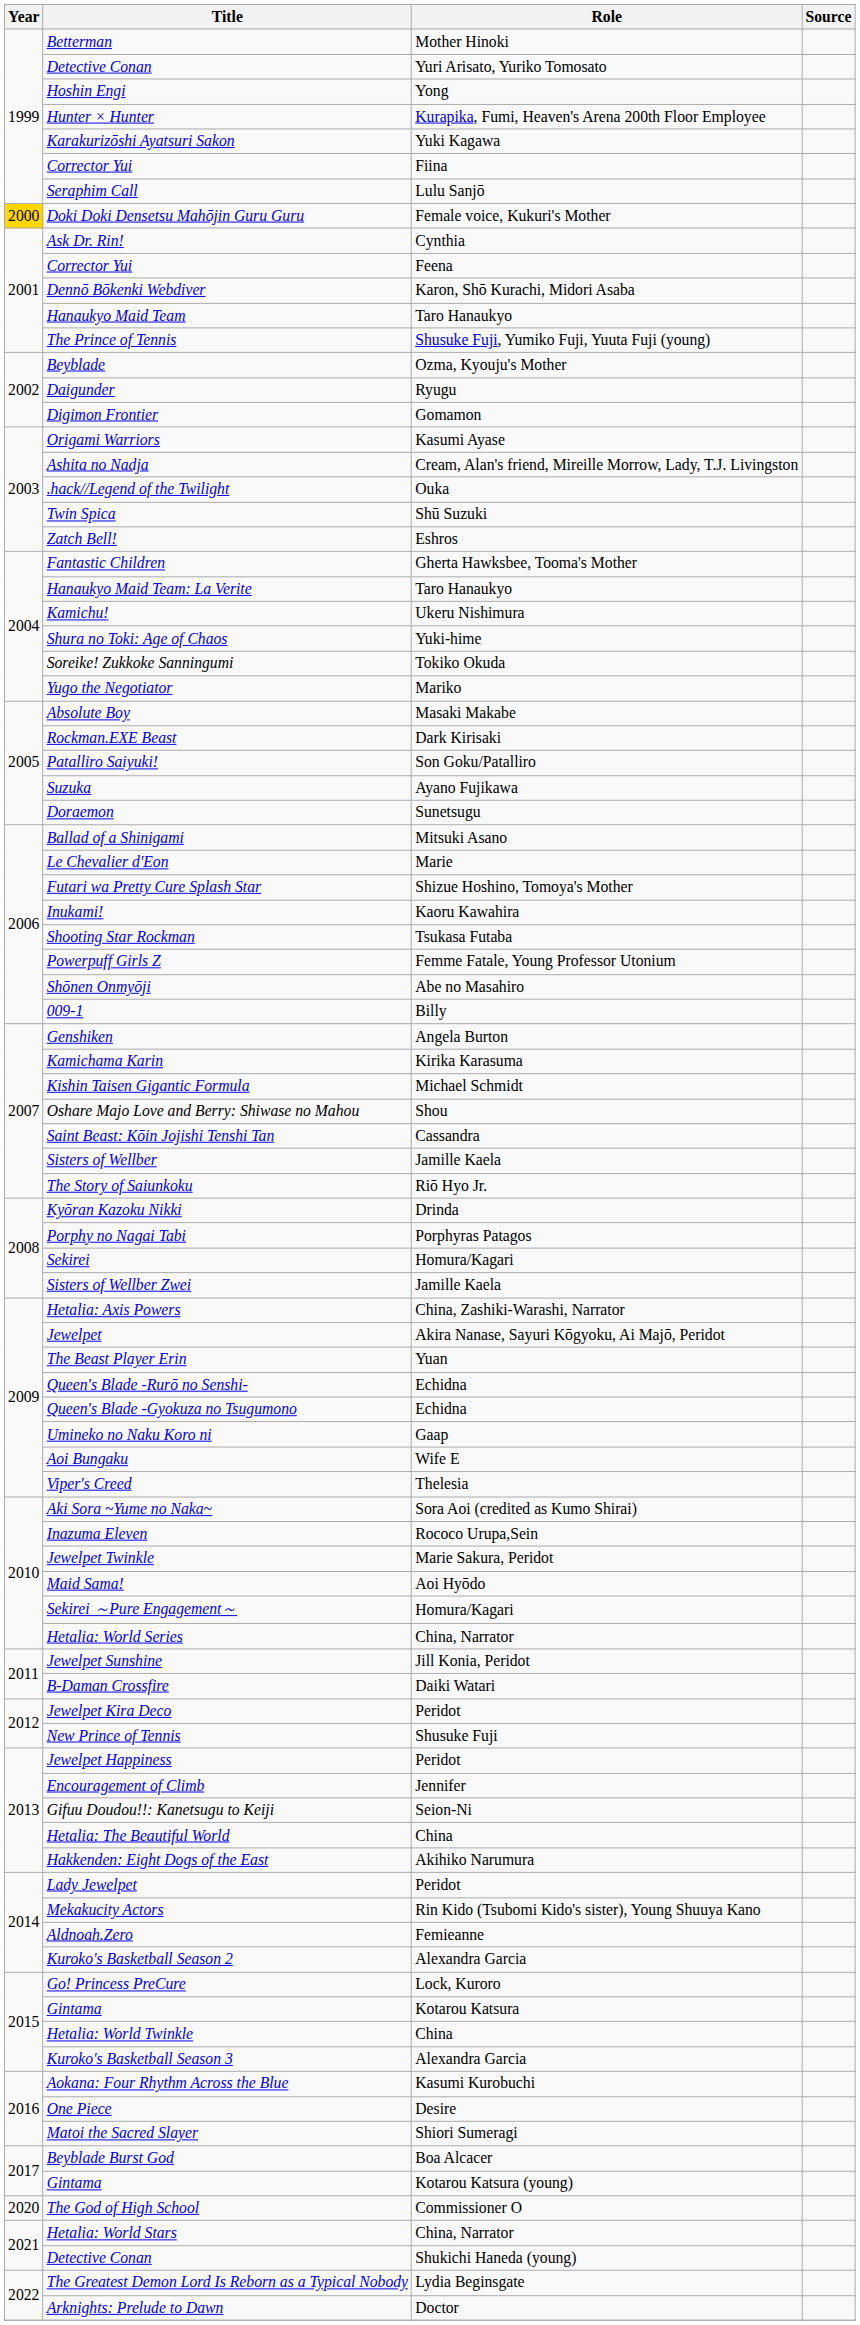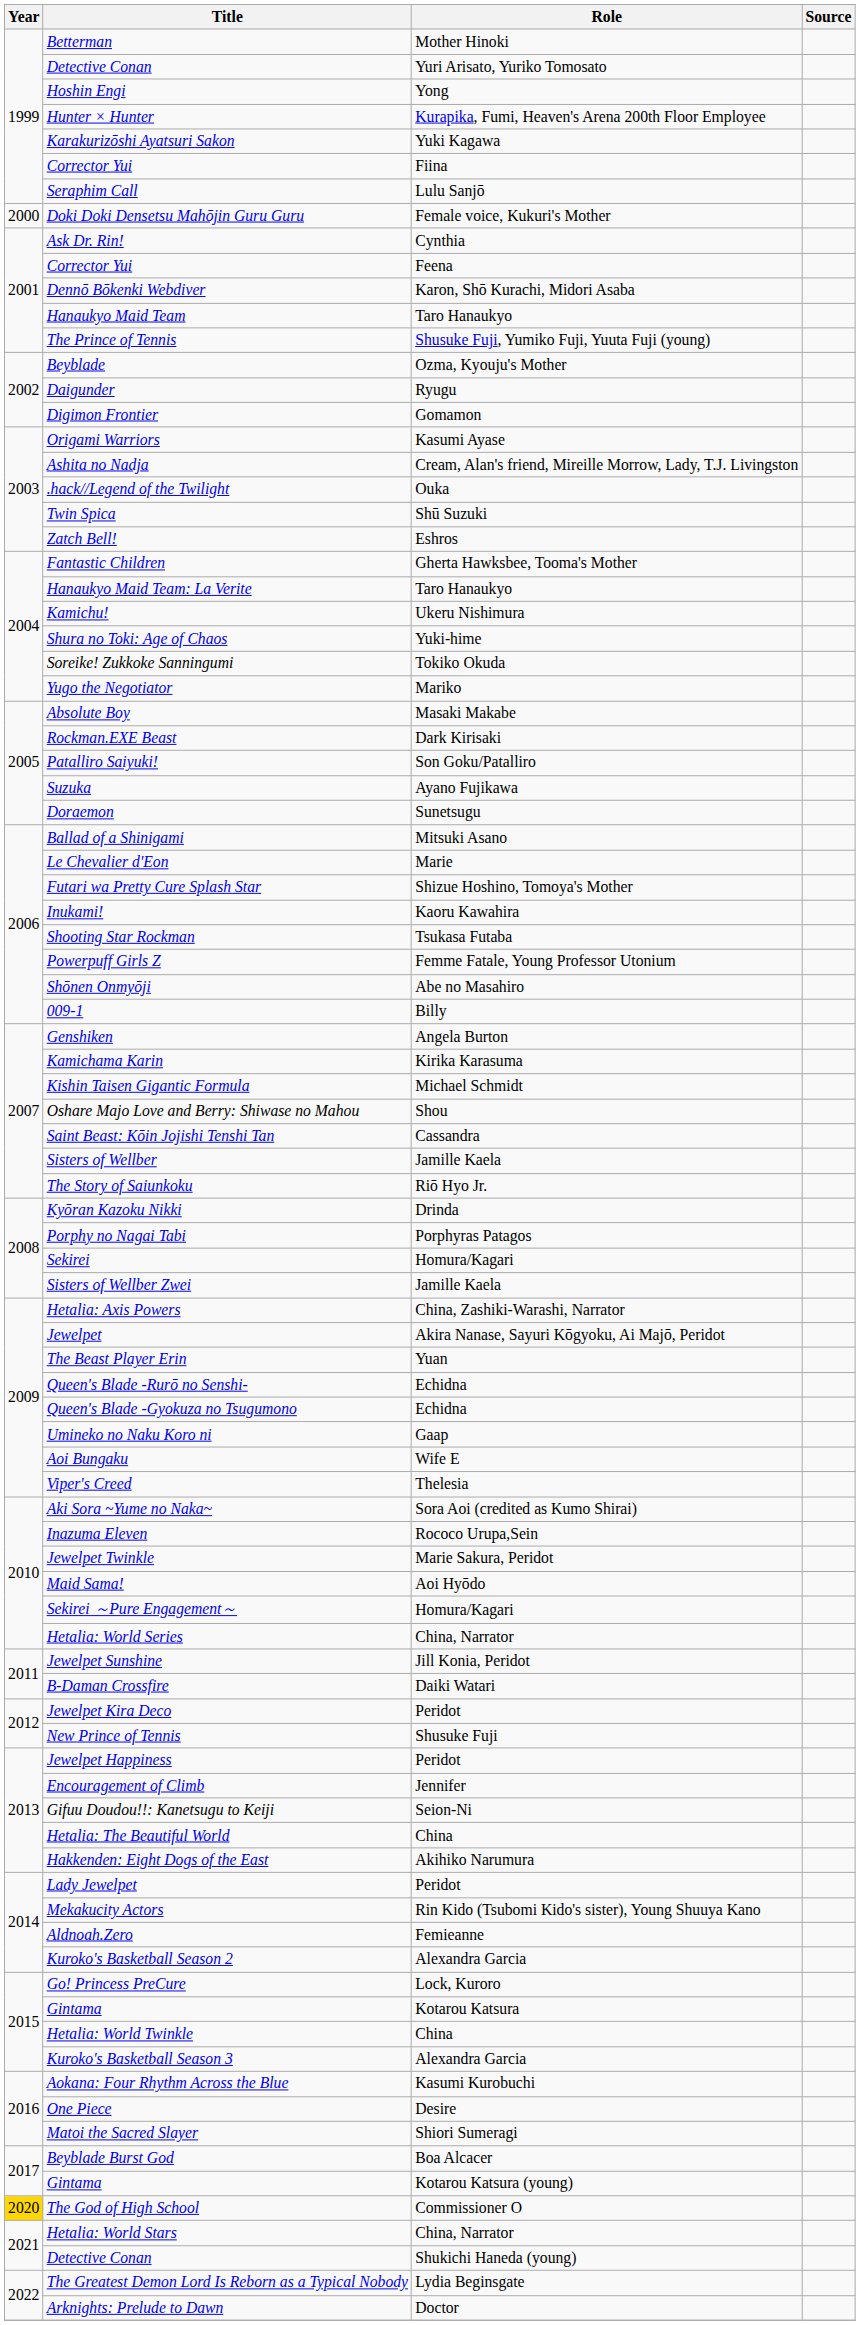 <table class="wikitable sortable">
 <tr>
 <th>Year</th>
 <th>Title</th>
 <th>Role</th>
 <th>Source</th>
 </tr>
 <tr>
 <td rowspan="7">1999</td>
 <td><a href='#'><em>Betterman</em></a></td>
 <td>Mother Hinoki</td>
 <td></td>
 </tr>
 <tr>
 <td><em><a href='#'>Detective Conan</a></em></td>
 <td>Yuri Arisato, Yuriko Tomosato</td>
 <td></td>
 </tr>
 <tr>
 <td><em><a href='#'>Hoshin Engi</a></em></td>
 <td>Yong</td>
 <td></td>
 </tr>
 <tr>
 <td><em><a href='#'>Hunter × Hunter</a></em></td>
 <td><a href='#'>Kurapika</a>, Fumi, Heaven's Arena 200th Floor Employee</td>
 <td></td>
 </tr>
 <tr>
 <td><em><a href='#'>Karakurizōshi Ayatsuri Sakon</a></em></td>
 <td>Yuki Kagawa</td>
 <td></td>
 </tr>
 <tr>
 <td><em><a href='#'>Corrector Yui</a></em></td>
 <td>Fiina</td>
 <td></td>
 </tr>
 <tr>
 <td><em><a href='#'>Seraphim Call</a></em></td>
 <td>Lulu Sanjō</td>
 <td></td>
 </tr>
 <tr>
-<td style="background: gold;">2000</td>
+<td>2000</td>
 <td><a href='#'><em>Doki Doki Densetsu Mahōjin Guru Guru</em></a></td>
 <td>Female voice, Kukuri's Mother</td>
 <td></td>
 </tr>
 <tr>
 <td rowspan="5">2001</td>
 <td><em><a href='#'>Ask Dr. Rin!</a></em></td>
 <td>Cynthia</td>
 <td></td>
 </tr>
 <tr>
 <td><em><a href='#'>Corrector Yui</a></em></td>
 <td>Feena</td>
 <td></td>
 </tr>
 <tr>
 <td><em><a href='#'>Dennō Bōkenki Webdiver</a></em></td>
 <td>Karon, Shō Kurachi, Midori Asaba</td>
 <td></td>
 </tr>
 <tr>
 <td><em><a href='#'>Hanaukyo Maid Team</a></em></td>
 <td>Taro Hanaukyo</td>
 <td></td>
 </tr>
 <tr>
 <td><em><a href='#'>The Prince of Tennis</a></em></td>
 <td><a href='#'>Shusuke Fuji</a>, Yumiko Fuji, Yuuta Fuji (young)</td>
 <td></td>
 </tr>
 <tr>
 <td rowspan="3">2002</td>
 <td><em><a href='#'>Beyblade</a></em></td>
 <td>Ozma, Kyouju's Mother</td>
 <td></td>
 </tr>
 <tr>
 <td><em><a href='#'>Daigunder</a></em></td>
 <td>Ryugu</td>
 <td></td>
 </tr>
 <tr>
 <td><em><a href='#'>Digimon Frontier</a></em></td>
 <td>Gomamon</td>
 <td></td>
 </tr>
 <tr>
 <td rowspan="5">2003</td>
 <td><em><a href='#'>Origami Warriors</a></em></td>
 <td>Kasumi Ayase</td>
 <td></td>
 </tr>
 <tr>
 <td><em><a href='#'>Ashita no Nadja</a></em></td>
 <td>Cream, Alan's friend, Mireille Morrow, Lady, T.J. Livingston</td>
 <td></td>
 </tr>
 <tr>
 <td><em><a href='#'>.hack//Legend of the Twilight</a></em></td>
 <td>Ouka</td>
 <td></td>
 </tr>
 <tr>
 <td><em><a href='#'>Twin Spica</a></em></td>
 <td>Shū Suzuki</td>
 <td></td>
 </tr>
 <tr>
 <td><em><a href='#'>Zatch Bell!</a></em></td>
 <td>Eshros</td>
 <td></td>
 </tr>
 <tr>
 <td rowspan="6">2004</td>
 <td><em><a href='#'>Fantastic Children</a></em></td>
 <td>Gherta Hawksbee, Tooma's Mother</td>
 <td></td>
 </tr>
 <tr>
 <td><em><a href='#'>Hanaukyo Maid Team: La Verite</a></em></td>
 <td>Taro Hanaukyo</td>
 <td></td>
 </tr>
 <tr>
 <td><em><a href='#'>Kamichu!</a></em></td>
 <td>Ukeru Nishimura</td>
 <td></td>
 </tr>
 <tr>
 <td><em><a href='#'>Shura no Toki: Age of Chaos</a></em></td>
 <td>Yuki-hime</td>
 <td></td>
 </tr>
 <tr>
 <td><em>Soreike! Zukkoke Sanningumi</em></td>
 <td>Tokiko Okuda</td>
 <td></td>
 </tr>
 <tr>
 <td><em><a href='#'>Yugo the Negotiator</a></em></td>
 <td>Mariko</td>
 <td></td>
 </tr>
 <tr>
 <td rowspan="5">2005</td>
 <td><em><a href='#'>Absolute Boy</a></em></td>
 <td>Masaki Makabe</td>
 <td></td>
 </tr>
 <tr>
 <td><em><a href='#'>Rockman.EXE Beast</a></em></td>
 <td>Dark Kirisaki</td>
 <td></td>
 </tr>
 <tr>
 <td><em><a href='#'>Patalliro Saiyuki!</a></em></td>
 <td>Son Goku/Patalliro</td>
 <td></td>
 </tr>
 <tr>
 <td><em><a href='#'>Suzuka</a></em></td>
 <td>Ayano Fujikawa</td>
 <td></td>
 </tr>
 <tr>
 <td><em><a href='#'>Doraemon</a></em></td>
 <td>Sunetsugu</td>
 <td></td>
 </tr>
 <tr>
 <td rowspan="8">2006</td>
 <td><em><a href='#'>Ballad of a Shinigami</a></em></td>
 <td>Mitsuki Asano</td>
 <td></td>
 </tr>
 <tr>
 <td><em><a href='#'>Le Chevalier d'Eon</a></em></td>
 <td>Marie</td>
 <td></td>
 </tr>
 <tr>
 <td><em><a href='#'>Futari wa Pretty Cure Splash Star</a></em></td>
 <td>Shizue Hoshino, Tomoya's Mother</td>
 <td></td>
 </tr>
 <tr>
 <td><em><a href='#'>Inukami!</a></em></td>
 <td>Kaoru Kawahira</td>
 <td></td>
 </tr>
 <tr>
 <td><em><a href='#'>Shooting Star Rockman</a></em></td>
 <td>Tsukasa Futaba</td>
 <td></td>
 </tr>
 <tr>
 <td><em><a href='#'>Powerpuff Girls Z</a></em></td>
 <td>Femme Fatale, Young Professor Utonium</td>
 <td></td>
 </tr>
 <tr>
 <td><em><a href='#'>Shōnen Onmyōji</a></em></td>
 <td>Abe no Masahiro</td>
 <td></td>
 </tr>
 <tr>
 <td><em><a href='#'>009-1</a></em></td>
 <td>Billy</td>
 <td></td>
 </tr>
 <tr>
 <td rowspan="7">2007</td>
 <td><em><a href='#'>Genshiken</a></em></td>
 <td>Angela Burton</td>
 <td></td>
 </tr>
 <tr>
 <td><em><a href='#'>Kamichama Karin</a></em></td>
 <td>Kirika Karasuma</td>
 <td></td>
 </tr>
 <tr>
 <td><em><a href='#'>Kishin Taisen Gigantic Formula</a></em></td>
 <td>Michael Schmidt</td>
 <td></td>
 </tr>
 <tr>
 <td><em>Oshare Majo Love and Berry: Shiwase no Mahou</em></td>
 <td>Shou</td>
 <td></td>
 </tr>
 <tr>
 <td><em><a href='#'>Saint Beast: Kōin Jojishi Tenshi Tan</a></em></td>
 <td>Cassandra</td>
 <td></td>
 </tr>
 <tr>
 <td><em><a href='#'>Sisters of Wellber</a></em></td>
 <td>Jamille Kaela</td>
 <td></td>
 </tr>
 <tr>
 <td><em><a href='#'>The Story of Saiunkoku</a></em></td>
 <td>Riō Hyo Jr.</td>
 <td></td>
 </tr>
 <tr>
 <td rowspan="4">2008</td>
 <td><em><a href='#'>Kyōran Kazoku Nikki</a></em></td>
 <td>Drinda</td>
 <td></td>
 </tr>
 <tr>
 <td><em><a href='#'>Porphy no Nagai Tabi</a></em></td>
 <td>Porphyras Patagos</td>
 <td></td>
 </tr>
 <tr>
 <td><em><a href='#'>Sekirei</a></em></td>
 <td>Homura/Kagari</td>
 <td></td>
 </tr>
 <tr>
 <td><em><a href='#'>Sisters of Wellber Zwei</a></em></td>
 <td>Jamille Kaela</td>
 <td></td>
 </tr>
 <tr>
 <td rowspan="8">2009</td>
 <td><em><a href='#'>Hetalia: Axis Powers</a></em></td>
 <td>China, Zashiki-Warashi, Narrator</td>
 <td></td>
 </tr>
 <tr>
 <td><em><a href='#'>Jewelpet</a></em></td>
 <td>Akira Nanase, Sayuri Kōgyoku, Ai Majō, Peridot</td>
 <td></td>
 </tr>
 <tr>
 <td><em><a href='#'>The Beast Player Erin</a></em></td>
 <td>Yuan</td>
 <td></td>
 </tr>
 <tr>
 <td><em><a href='#'>Queen's Blade -Rurō no Senshi-</a></em></td>
 <td>Echidna</td>
 <td></td>
 </tr>
 <tr>
 <td><em><a href='#'>Queen's Blade -Gyokuza no Tsugumono</a></em></td>
 <td>Echidna</td>
 <td></td>
 </tr>
 <tr>
 <td><em><a href='#'>Umineko no Naku Koro ni</a></em></td>
 <td>Gaap</td>
 <td></td>
 </tr>
 <tr>
 <td><em><a href='#'>Aoi Bungaku</a></em></td>
 <td>Wife E</td>
 <td></td>
 </tr>
 <tr>
 <td><em><a href='#'>Viper's Creed</a></em></td>
 <td>Thelesia</td>
 <td></td>
 </tr>
 <tr>
 <td rowspan="6">2010</td>
 <td><em><a href='#'>Aki Sora ~Yume no Naka~</a></em></td>
 <td>Sora Aoi (credited as Kumo Shirai)</td>
 <td></td>
 </tr>
 <tr>
 <td><em><a href='#'>Inazuma Eleven</a></em></td>
 <td>Rococo Urupa,Sein</td>
 <td></td>
 </tr>
 <tr>
 <td><em><a href='#'>Jewelpet Twinkle</a></em></td>
 <td>Marie Sakura, Peridot</td>
 <td></td>
 </tr>
 <tr>
 <td><em><a href='#'>Maid Sama!</a></em></td>
 <td>Aoi Hyōdo</td>
 <td></td>
 </tr>
 <tr>
 <td><em><a href='#'>Sekirei ～Pure Engagement～</a></em></td>
 <td>Homura/Kagari</td>
 <td></td>
 </tr>
 <tr>
 <td><em><a href='#'>Hetalia: World Series</a></em></td>
 <td>China, Narrator</td>
 <td></td>
 </tr>
 <tr>
 <td rowspan="2">2011</td>
 <td><em><a href='#'>Jewelpet Sunshine</a></em></td>
 <td>Jill Konia, Peridot</td>
 <td></td>
 </tr>
 <tr>
 <td><em><a href='#'>B-Daman Crossfire</a></em></td>
 <td>Daiki Watari</td>
 <td></td>
 </tr>
 <tr>
 <td rowspan="2">2012</td>
 <td><em><a href='#'>Jewelpet Kira Deco</a></em></td>
 <td>Peridot</td>
 <td></td>
 </tr>
 <tr>
 <td><em><a href='#'>New Prince of Tennis</a></em></td>
 <td>Shusuke Fuji</td>
 <td></td>
 </tr>
 <tr>
 <td rowspan="5">2013</td>
 <td><em><a href='#'>Jewelpet Happiness</a></em></td>
 <td>Peridot</td>
 <td></td>
 </tr>
 <tr>
 <td><em><a href='#'>Encouragement of Climb</a></em></td>
 <td>Jennifer</td>
 <td></td>
 </tr>
 <tr>
 <td><em>Gifuu Doudou!!: Kanetsugu to Keiji</em></td>
 <td>Seion-Ni</td>
 <td></td>
 </tr>
 <tr>
 <td><em><a href='#'>Hetalia: The Beautiful World</a></em></td>
 <td>China</td>
 <td></td>
 </tr>
 <tr>
 <td><em><a href='#'>Hakkenden: Eight Dogs of the East</a></em></td>
 <td>Akihiko Narumura</td>
 <td></td>
 </tr>
 <tr>
 <td rowspan="4">2014</td>
 <td><em><a href='#'>Lady Jewelpet</a></em></td>
 <td>Peridot</td>
 <td></td>
 </tr>
 <tr>
 <td><em><a href='#'>Mekakucity Actors</a></em></td>
 <td>Rin Kido (Tsubomi Kido's sister), Young Shuuya Kano</td>
 <td></td>
 </tr>
 <tr>
 <td><em><a href='#'>Aldnoah.Zero</a></em></td>
 <td>Femieanne</td>
 <td></td>
 </tr>
 <tr>
 <td><a href='#'><em>Kuroko's Basketball Season 2</em></a></td>
 <td>Alexandra Garcia</td>
 <td></td>
 </tr>
 <tr>
 <td rowspan="4">2015</td>
 <td><em><a href='#'>Go! Princess PreCure</a></em></td>
 <td>Lock, Kuroro</td>
 <td></td>
 </tr>
 <tr>
 <td><em><a href='#'>Gintama</a></em></td>
 <td>Kotarou Katsura</td>
 <td></td>
 </tr>
 <tr>
 <td><em><a href='#'>Hetalia: World Twinkle</a></em></td>
 <td>China</td>
 <td></td>
 </tr>
 <tr>
 <td><em><a href='#'>Kuroko's Basketball Season 3</a></em></td>
 <td>Alexandra Garcia</td>
 <td></td>
 </tr>
 <tr>
 <td rowspan="3">2016</td>
 <td><em><a href='#'>Aokana: Four Rhythm Across the Blue</a></em></td>
 <td>Kasumi Kurobuchi</td>
 <td></td>
 </tr>
 <tr>
 <td><em><a href='#'>One Piece</a></em></td>
 <td>Desire</td>
 <td></td>
 </tr>
 <tr>
 <td><em><a href='#'>Matoi the Sacred Slayer</a></em></td>
 <td>Shiori Sumeragi</td>
 <td></td>
 </tr>
 <tr>
 <td rowspan="2">2017</td>
 <td><em><a href='#'>Beyblade Burst God</a></em></td>
 <td>Boa Alcacer</td>
 <td></td>
 </tr>
 <tr>
 <td><em><a href='#'>Gintama</a></em></td>
 <td>Kotarou Katsura (young)</td>
 <td></td>
 </tr>
 <tr>
-<td>2020</td>
+<td style="background: gold;">2020</td>
 <td><em><a href='#'>The God of High School</a></em></td>
 <td>Commissioner O</td>
 <td></td>
 </tr>
 <tr>
 <td rowspan="2">2021</td>
 <td><em><a href='#'>Hetalia: World Stars</a></em></td>
 <td>China, Narrator</td>
 <td></td>
 </tr>
 <tr>
 <td><em><a href='#'>Detective Conan</a></em></td>
 <td>Shukichi Haneda (young)</td>
 <td></td>
 </tr>
 <tr>
 <td rowspan="2">2022</td>
 <td><em><a href='#'>The Greatest Demon Lord Is Reborn as a Typical Nobody</a></em></td>
 <td>Lydia Beginsgate</td>
 <td></td>
 </tr>
 <tr>
 <td><em><a href='#'>Arknights: Prelude to Dawn</a></em></td>
 <td>Doctor</td>
 <td></td>
 </tr>
 <tr>
 </tr>
 </table>
